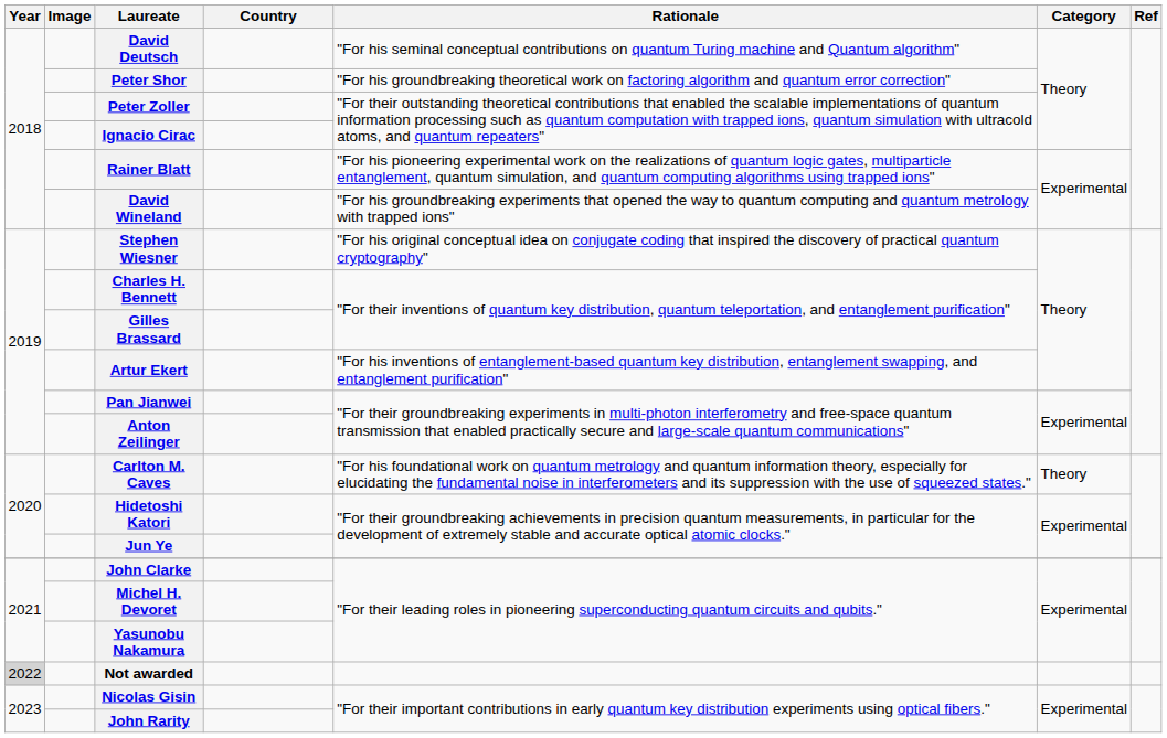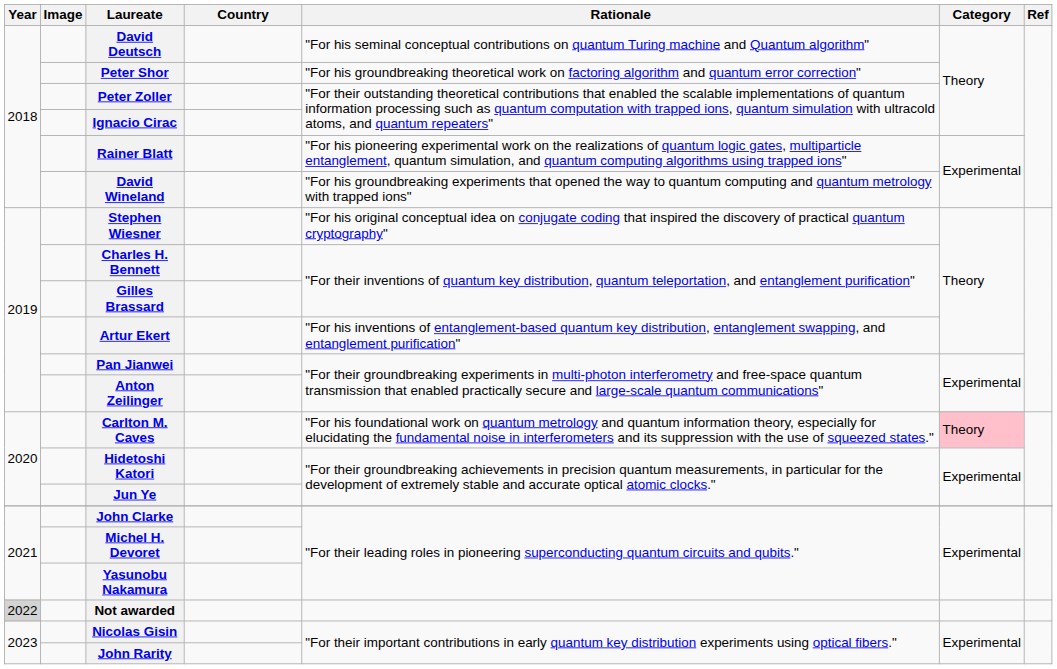 <table class = "wikitable plainrowheaders sortable">
 <tr>
 <th scope = col>Year</th>
 <th scope = col class = unsortable>Image</th>
 <th scope = col>Laureate</th>
 <th scope = col style = "width: 100pt;">Country</th>
 <th scope = col class = unsortable>Rationale</th>
 <th scope = col class = unsortable>Category</th>
 <th scope = col class = unsortable>Ref</th>
 </tr>
 <tr>
 <td rowspan = "6">2018</td>
 <td></td>
 <th scope = row data-sort-value = "Deutsch, David"><a href='#'>David Deutsch</a></th>
 <td><br></td>
 <td>"For his seminal conceptual contributions on <a href='#'>quantum Turing machine</a> and <a href='#'>Quantum algorithm</a>"</td>
 <td rowspan = "4">Theory</td>
 <td rowspan = "6"></td>
 </tr>
 <tr>
 <td></td>
 <th scope = row data-sort-value = "Shor, Peter"><a href='#'>Peter Shor</a></th>
 <td></td>
 <td rowspan = "1">"For his groundbreaking theoretical work on <a href='#'>factoring algorithm</a> and <a href='#'>quantum error correction</a>"</td>
 </tr>
 <tr>
 <td></td>
 <th scope = row data-sort-value = "Zoller, Peter"><a href='#'>Peter Zoller</a></th>
 <td></td>
 <td rowspan = "2">"For their outstanding theoretical contributions that enabled the scalable implementations of quantum information processing such as <a href='#'>quantum computation with trapped ions</a>, <a href='#'>quantum simulation</a> with ultracold atoms, and <a href='#'>quantum repeaters</a>"</td>
 </tr>
 <tr>
 <td></td>
 <th scope = row data-sort-value = "Cirac, Ignacio"><a href='#'>Ignacio Cirac</a></th>
 <td></td>
 </tr>
 <tr>
 <td></td>
 <th scope = row data-sort-value = "Blatt, Rainer"><a href='#'>Rainer Blatt</a></th>
 <td><br></td>
 <td rowspan = "1">"For his pioneering experimental work on the realizations of <a href='#'>quantum logic gates</a>, <a href='#'>multiparticle entanglement</a>, quantum simulation, and <a href='#'>quantum computing algorithms using trapped ions</a>"</td>
 <td rowspan = "2">Experimental</td>
 </tr>
 <tr>
 <td></td>
 <th scope = row data-sort-value = "Wineland, David"><a href='#'>David Wineland</a></th>
 <td></td>
 <td rowspan = "1">"For his groundbreaking experiments that opened the way to quantum computing and <a href='#'>quantum metrology</a> with trapped ions"</td>
 </tr>
 <tr>
 <td rowspan = "6">2019</td>
 <td></td>
 <th scope = row data-sort-value = "Wiesner, Stephen"><a href='#'>Stephen Wiesner</a></th>
 <td></td>
 <td>"For his original conceptual idea on <a href='#'>conjugate coding</a> that inspired the discovery of practical <a href='#'>quantum cryptography</a>"</td>
 <td rowspan = "4">Theory</td>
 <td rowspan = "6"></td>
 </tr>
 <tr>
 <td></td>
 <th scope = row data-sort-value = "Bennet, Charles H."><a href='#'>Charles H. Bennett</a></th>
 <td></td>
 <td rowspan = "2">"For their inventions of <a href='#'>quantum key distribution</a>, <a href='#'>quantum teleportation</a>, and <a href='#'>entanglement purification</a>"</td>
 </tr>
 <tr>
 <td></td>
 <th scope = row data-sort-value = "Brassard, Gilles"><a href='#'>Gilles Brassard</a></th>
 <td></td>
 </tr>
 <tr>
 <td></td>
 <th scope = row data-sort-value = "Eckert, Artur"><a href='#'>Artur Ekert</a></th>
 <td><br></td>
 <td rowspan = "1">"For his inventions of <a href='#'>entanglement-based quantum key distribution</a>, <a href='#'>entanglement swapping</a>, and <a href='#'>entanglement purification</a>"</td>
 </tr>
 <tr>
 <td></td>
 <th scope = row data-sort-value = "Pan, Jianwei"><a href='#'>Pan Jianwei</a></th>
 <td></td>
 <td rowspan = "2">"For their groundbreaking experiments in <a href='#'>multi-photon interferometry</a> and free-space quantum transmission that enabled practically secure and <a href='#'>large-scale quantum communications</a>"</td>
 <td rowspan = "2">Experimental</td>
 </tr>
 <tr>
 <td></td>
 <th scope = row data-sort-value = "Zeilinger, Anton"><a href='#'>Anton Zeilinger</a></th>
 <td></td>
 </tr>
 <tr>
 <td rowspan = "3">2020</td>
 <td></td>
 <th scope = row data-sort-value = "Caves, Carlton M."><a href='#'>Carlton M. Caves</a></th>
 <td></td>
 <td>"For his foundational work on <a href='#'>quantum metrology</a> and quantum information theory, especially for elucidating the <a href='#'>fundamental noise in interferometers</a> and its suppression with the use of <a href='#'>squeezed states</a>."</td>
-<td rowspan = "1">Theory</td>
+<td rowspan = "1" style="background: pink;">Theory</td>
 <td rowspan = "3"></td>
 </tr>
 <tr>
 <td></td>
 <th scope = row data-sort-value = "Katori, Hidetoshi"><a href='#'>Hidetoshi Katori</a></th>
 <td></td>
 <td rowspan = "2">"For their groundbreaking achievements in precision quantum measurements, in particular for the development of extremely stable and accurate optical <a href='#'>atomic clocks</a>."</td>
 <td rowspan = "2">Experimental</td>
 </tr>
 <tr>
 <td></td>
 <th scope = row data-sort-value = "Ye, Jun"><a href='#'>Jun Ye</a></th>
 <td></td>
 </tr>
 <tr>
 </tr>
 <tr>
 <td rowspan = "3">2021</td>
 <td></td>
 <th scope = row data-sort-value = "Clarke, John"><a href='#'>John Clarke</a></th>
 <td></td>
 <td rowspan = "3">"For their leading roles in pioneering <a href='#'>superconducting quantum circuits and qubits</a>."</td>
 <td rowspan = "3">Experimental</td>
 <td rowspan = "3"></td>
 </tr>
 <tr>
 <td></td>
 <th scope = row data-sort-value = "Devoret, Michel H."><a href='#'>Michel H. Devoret</a></th>
 <td></td>
 </tr>
 <tr>
 <td></td>
 <th scope = row data-sort-value = "Nakamura, Yasunobu"><a href='#'>Yasunobu Nakamura</a></th>
 <td></td>
 </tr>
 <tr>
 <td style="background: lightgrey;">2022</td>
 <td></td>
 <th scope = row data-sort-value = "Not awarded">Not awarded</th>
 <td></td>
 <td></td>
 <td></td>
 <td></td>
 </tr>
 <tr>
 <td rowspan = "2">2023</td>
 <td></td>
 <th scope = row data-sort-value = "Gisin, Nicolas"><a href='#'>Nicolas Gisin</a></th>
 <td></td>
 <td rowspan = "2">"For their important contributions in early <a href='#'>quantum key distribution</a> experiments using <a href='#'>optical fibers</a>."</td>
 <td rowspan = "2">Experimental</td>
 <td rowspan = "2"></td>
 </tr>
 <tr>
 <td></td>
 <th scope = row data-sort-value = "Rarity, John"><a href='#'>John Rarity</a></th>
 <td></td>
 </tr>
 </table>
